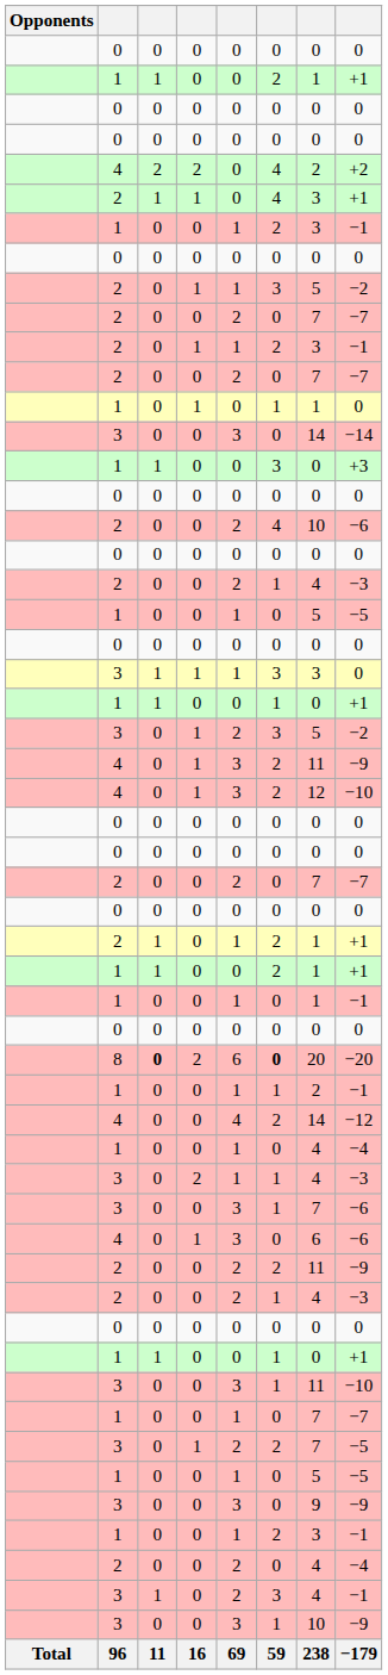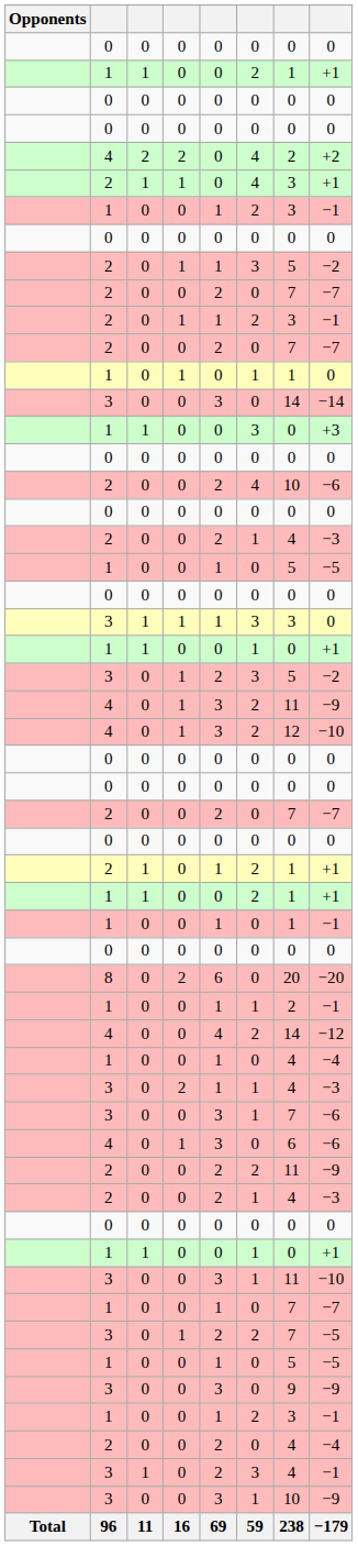 <table class="wikitable sortable collapsed" style="text-align: center; font-size: 90%;">
 <tr>
 </tr>
 <tr>
 <th>Opponents</th>
 <th width=25></th>
 <th width=25></th>
 <th width=25></th>
 <th width=25></th>
 <th width=25></th>
 <th width=25></th>
 <th width=25></th>
 </tr>
 <tr>
 <td align="left"></td>
 <td>0</td>
 <td>0</td>
 <td>0</td>
 <td>0</td>
 <td>0</td>
 <td>0</td>
 <td>0</td>
 </tr>
 <tr bgcolor="#CCFFCC">
 <td align="left"></td>
 <td>1</td>
 <td>1</td>
 <td>0</td>
 <td>0</td>
 <td>2</td>
 <td>1</td>
 <td>+1</td>
 </tr>
 <tr>
 <td align="left"></td>
 <td>0</td>
 <td>0</td>
 <td>0</td>
 <td>0</td>
 <td>0</td>
 <td>0</td>
 <td>0</td>
 </tr>
 <tr>
 <td align="left"></td>
 <td>0</td>
 <td>0</td>
 <td>0</td>
 <td>0</td>
 <td>0</td>
 <td>0</td>
 <td>0</td>
 </tr>
 <tr bgcolor="#CCFFCC">
 <td align="left"></td>
 <td>4</td>
 <td>2</td>
 <td>2</td>
 <td>0</td>
 <td>4</td>
 <td>2</td>
 <td>+2</td>
 </tr>
 <tr bgcolor="#CCFFCC">
 <td align="left"></td>
 <td>2</td>
 <td>1</td>
 <td>1</td>
 <td>0</td>
 <td>4</td>
 <td>3</td>
 <td>+1</td>
 </tr>
 <tr bgcolor="#FFBBBB">
 <td align="left"></td>
 <td>1</td>
 <td>0</td>
 <td>0</td>
 <td>1</td>
 <td>2</td>
 <td>3</td>
 <td>−1</td>
 </tr>
 <tr>
 <td align="left"></td>
 <td>0</td>
 <td>0</td>
 <td>0</td>
 <td>0</td>
 <td>0</td>
 <td>0</td>
 <td>0</td>
 </tr>
 <tr bgcolor="#FFBBBB">
 <td align="left"></td>
 <td>2</td>
 <td>0</td>
 <td>1</td>
 <td>1</td>
 <td>3</td>
 <td>5</td>
 <td>−2</td>
 </tr>
 <tr bgcolor="#FFBBBB">
 <td align="left"></td>
 <td>2</td>
 <td>0</td>
 <td>0</td>
 <td>2</td>
 <td>0</td>
 <td>7</td>
 <td>−7</td>
 </tr>
 <tr bgcolor="#FFBBBB">
 <td align="left"></td>
 <td>2</td>
 <td>0</td>
 <td>1</td>
 <td>1</td>
 <td>2</td>
 <td>3</td>
 <td>−1</td>
 </tr>
 <tr bgcolor="#FFBBBB">
 <td align="left"></td>
 <td>2</td>
 <td>0</td>
 <td>0</td>
 <td>2</td>
 <td>0</td>
 <td>7</td>
 <td>−7</td>
 </tr>
 <tr bgcolor="#FFFFBB">
 <td align="left"></td>
 <td>1</td>
 <td>0</td>
 <td>1</td>
 <td>0</td>
 <td>1</td>
 <td>1</td>
 <td>0</td>
 </tr>
 <tr bgcolor="#FFBBBB">
 <td align="left"></td>
 <td>3</td>
 <td>0</td>
 <td>0</td>
 <td>3</td>
 <td>0</td>
 <td>14</td>
 <td>−14</td>
 </tr>
 <tr bgcolor="#CCFFCC">
 <td align="left"></td>
 <td>1</td>
 <td>1</td>
 <td>0</td>
 <td>0</td>
 <td>3</td>
 <td>0</td>
 <td>+3</td>
 </tr>
 <tr>
 <td align="left"></td>
 <td>0</td>
 <td>0</td>
 <td>0</td>
 <td>0</td>
 <td>0</td>
 <td>0</td>
 <td>0</td>
 </tr>
 <tr bgcolor="#FFBBBB">
 <td align="left"></td>
 <td>2</td>
 <td>0</td>
 <td>0</td>
 <td>2</td>
 <td>4</td>
 <td>10</td>
 <td>−6</td>
 </tr>
 <tr>
 <td align="left"></td>
 <td>0</td>
 <td>0</td>
 <td>0</td>
 <td>0</td>
 <td>0</td>
 <td>0</td>
 <td>0</td>
 </tr>
 <tr bgcolor="#FFBBBB">
 <td align="left"></td>
 <td>2</td>
 <td>0</td>
 <td>0</td>
 <td>2</td>
 <td>1</td>
 <td>4</td>
 <td>−3</td>
 </tr>
 <tr bgcolor="#FFBBBB">
 <td align="left"></td>
 <td>1</td>
 <td>0</td>
 <td>0</td>
 <td>1</td>
 <td>0</td>
 <td>5</td>
 <td>−5</td>
 </tr>
 <tr>
 <td align="left"></td>
 <td>0</td>
 <td>0</td>
 <td>0</td>
 <td>0</td>
 <td>0</td>
 <td>0</td>
 <td>0</td>
 </tr>
 <tr bgcolor="#FFFFBB">
 <td align="left"></td>
 <td>3</td>
 <td>1</td>
 <td>1</td>
 <td>1</td>
 <td>3</td>
 <td>3</td>
 <td>0</td>
 </tr>
 <tr bgcolor="#CCFFCC">
 <td align="left"></td>
 <td>1</td>
 <td>1</td>
 <td>0</td>
 <td>0</td>
 <td>1</td>
 <td>0</td>
 <td>+1</td>
 </tr>
 <tr bgcolor="#FFBBBB">
 <td align="left"></td>
 <td>3</td>
 <td>0</td>
 <td>1</td>
 <td>2</td>
 <td>3</td>
 <td>5</td>
 <td>−2</td>
 </tr>
 <tr bgcolor="#FFBBBB">
 <td align="left"></td>
 <td>4</td>
 <td>0</td>
 <td>1</td>
 <td>3</td>
 <td>2</td>
 <td>11</td>
 <td>−9</td>
 </tr>
 <tr bgcolor="#FFBBBB">
 <td align="left"></td>
 <td>4</td>
 <td>0</td>
 <td>1</td>
 <td>3</td>
 <td>2</td>
 <td>12</td>
 <td>−10</td>
 </tr>
 <tr>
 <td align="left"></td>
 <td>0</td>
 <td>0</td>
 <td>0</td>
 <td>0</td>
 <td>0</td>
 <td>0</td>
 <td>0</td>
 </tr>
 <tr>
 <td align="left"></td>
 <td>0</td>
 <td>0</td>
 <td>0</td>
 <td>0</td>
 <td>0</td>
 <td>0</td>
 <td>0</td>
 </tr>
 <tr bgcolor="#FFBBBB">
 <td align="left"></td>
 <td>2</td>
 <td>0</td>
 <td>0</td>
 <td>2</td>
 <td>0</td>
 <td>7</td>
 <td>−7</td>
 </tr>
 <tr>
 <td align="left"></td>
 <td>0</td>
 <td>0</td>
 <td>0</td>
 <td>0</td>
 <td>0</td>
 <td>0</td>
 <td>0</td>
 </tr>
 <tr bgcolor="#FFFFBB">
 <td align="left"></td>
 <td>2</td>
 <td>1</td>
 <td>0</td>
 <td>1</td>
 <td>2</td>
 <td>1</td>
 <td>+1</td>
 </tr>
 <tr bgcolor="#CCFFCC">
 <td align="left"></td>
 <td>1</td>
 <td>1</td>
 <td>0</td>
 <td>0</td>
 <td>2</td>
 <td>1</td>
 <td>+1</td>
 </tr>
 <tr bgcolor="#FFBBBB">
 <td align="left"></td>
 <td>1</td>
 <td>0</td>
 <td>0</td>
 <td>1</td>
 <td>0</td>
 <td>1</td>
 <td>−1</td>
 </tr>
 <tr>
 <td align="left"></td>
 <td>0</td>
 <td>0</td>
 <td>0</td>
 <td>0</td>
 <td>0</td>
 <td>0</td>
 <td>0</td>
 </tr>
 <tr bgcolor="#FFBBBB">
 <td align="left"></td>
 <td>8</td>
-<td><strong>0</strong></td>
+<td>0</td>
 <td>2</td>
 <td>6</td>
-<td><strong>0</strong></td>
+<td>0</td>
 <td>20</td>
 <td>−20</td>
 </tr>
 <tr bgcolor="#FFBBBB">
 <td align="left"></td>
 <td>1</td>
 <td>0</td>
 <td>0</td>
 <td>1</td>
 <td>1</td>
 <td>2</td>
 <td>−1</td>
 </tr>
 <tr bgcolor="#FFBBBB">
 <td align="left"></td>
 <td>4</td>
 <td>0</td>
 <td>0</td>
 <td>4</td>
 <td>2</td>
 <td>14</td>
 <td>−12</td>
 </tr>
 <tr bgcolor="#FFBBBB">
 <td align="left"></td>
 <td>1</td>
 <td>0</td>
 <td>0</td>
 <td>1</td>
 <td>0</td>
 <td>4</td>
 <td>−4</td>
 </tr>
 <tr bgcolor="#FFBBBB">
 <td align="left"></td>
 <td>3</td>
 <td>0</td>
 <td>2</td>
 <td>1</td>
 <td>1</td>
 <td>4</td>
 <td>−3</td>
 </tr>
 <tr bgcolor="#FFBBBB">
 <td align="left"></td>
 <td>3</td>
 <td>0</td>
 <td>0</td>
 <td>3</td>
 <td>1</td>
 <td>7</td>
 <td>−6</td>
 </tr>
 <tr bgcolor="#FFBBBB">
 <td align="left"></td>
 <td>4</td>
 <td>0</td>
 <td>1</td>
 <td>3</td>
 <td>0</td>
 <td>6</td>
 <td>−6</td>
 </tr>
 <tr bgcolor="#FFBBBB">
 <td align="left"></td>
 <td>2</td>
 <td>0</td>
 <td>0</td>
 <td>2</td>
 <td>2</td>
 <td>11</td>
 <td>−9</td>
 </tr>
 <tr bgcolor="#FFBBBB">
 <td align="left"></td>
 <td>2</td>
 <td>0</td>
 <td>0</td>
 <td>2</td>
 <td>1</td>
 <td>4</td>
 <td>−3</td>
 </tr>
 <tr>
 <td align="left"></td>
 <td>0</td>
 <td>0</td>
 <td>0</td>
 <td>0</td>
 <td>0</td>
 <td>0</td>
 <td>0</td>
 </tr>
 <tr bgcolor="#CCFFCC">
 <td align="left"></td>
 <td>1</td>
 <td>1</td>
 <td>0</td>
 <td>0</td>
 <td>1</td>
 <td>0</td>
 <td>+1</td>
 </tr>
 <tr bgcolor="#FFBBBB">
 <td align="left"></td>
 <td>3</td>
 <td>0</td>
 <td>0</td>
 <td>3</td>
 <td>1</td>
 <td>11</td>
 <td>−10</td>
 </tr>
 <tr bgcolor="#FFBBBB">
 <td align="left"></td>
 <td>1</td>
 <td>0</td>
 <td>0</td>
 <td>1</td>
 <td>0</td>
 <td>7</td>
 <td>−7</td>
 </tr>
 <tr bgcolor="#FFBBBB">
 <td align="left"></td>
 <td>3</td>
 <td>0</td>
 <td>1</td>
 <td>2</td>
 <td>2</td>
 <td>7</td>
 <td>−5</td>
 </tr>
 <tr bgcolor="#FFBBBB">
 <td align="left"></td>
 <td>1</td>
 <td>0</td>
 <td>0</td>
 <td>1</td>
 <td>0</td>
 <td>5</td>
 <td>−5</td>
 </tr>
 <tr bgcolor="#FFBBBB">
 <td align="left"></td>
 <td>3</td>
 <td>0</td>
 <td>0</td>
 <td>3</td>
 <td>0</td>
 <td>9</td>
 <td>−9</td>
 </tr>
 <tr bgcolor="#FFBBBB">
 <td align="left"></td>
 <td>1</td>
 <td>0</td>
 <td>0</td>
 <td>1</td>
 <td>2</td>
 <td>3</td>
 <td>−1</td>
 </tr>
 <tr bgcolor="#FFBBBB">
 <td align="left"></td>
 <td>2</td>
 <td>0</td>
 <td>0</td>
 <td>2</td>
 <td>0</td>
 <td>4</td>
 <td>−4</td>
 </tr>
 <tr bgcolor="#FFBBBB">
 <td align="left"></td>
 <td>3</td>
 <td>1</td>
 <td>0</td>
 <td>2</td>
 <td>3</td>
 <td>4</td>
 <td>−1</td>
 </tr>
 <tr bgcolor="#FFBBBB">
 <td align="left"></td>
 <td>3</td>
 <td>0</td>
 <td>0</td>
 <td>3</td>
 <td>1</td>
 <td>10</td>
 <td>−9</td>
 </tr>
 <tr class="sortbot">
 <th>Total</th>
 <th>96</th>
 <th>11</th>
 <th>16</th>
 <th>69</th>
 <th>59</th>
 <th>238</th>
 <th>−179</th>
 </tr>
 </table>
